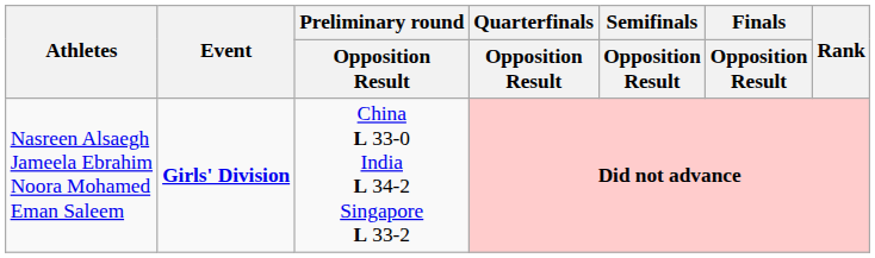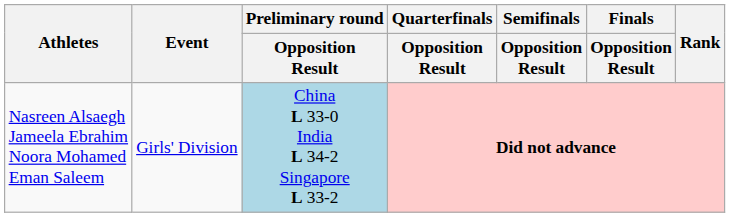 <table class="wikitable" style="font-size:90%">
 <tr>
 <th rowspan="2">Athletes</th>
 <th rowspan="2">Event</th>
 <th>Preliminary round</th>
 <th>Quarterfinals</th>
 <th>Semifinals</th>
 <th>Finals</th>
 <th rowspan="2">Rank</th>
 </tr>
 <tr>
 <th>Opposition<br>Result</th>
 <th>Opposition<br>Result</th>
 <th>Opposition<br>Result</th>
 <th>Opposition<br>Result</th>
 </tr>
 <tr>
 <td><a href='#'>Nasreen Alsaegh</a><br><a href='#'>Jameela Ebrahim</a><br><a href='#'>Noora Mohamed</a><br><a href='#'>Eman Saleem</a></td>
-<td><strong><a href='#'>Girls' Division</a></strong></td>
-<td style="text-align:center;"> <a href='#'>China</a> <br><strong>L</strong> 33-0<br> <a href='#'>India</a><br><strong>L</strong> 34-2<br> <a href='#'>Singapore</a> <br><strong>L</strong> 33-2</td>
+<td><a href='#'>Girls' Division</a></td>
+<td style="background: lightblue; text-align:center;"> <a href='#'>China</a> <br><strong>L</strong> 33-0<br> <a href='#'>India</a><br><strong>L</strong> 34-2<br> <a href='#'>Singapore</a> <br><strong>L</strong> 33-2</td>
 <td align=center colspan="4" bgcolor="#ffcccc"><strong>Did not advance</strong></td>
 </tr>
 </table>
